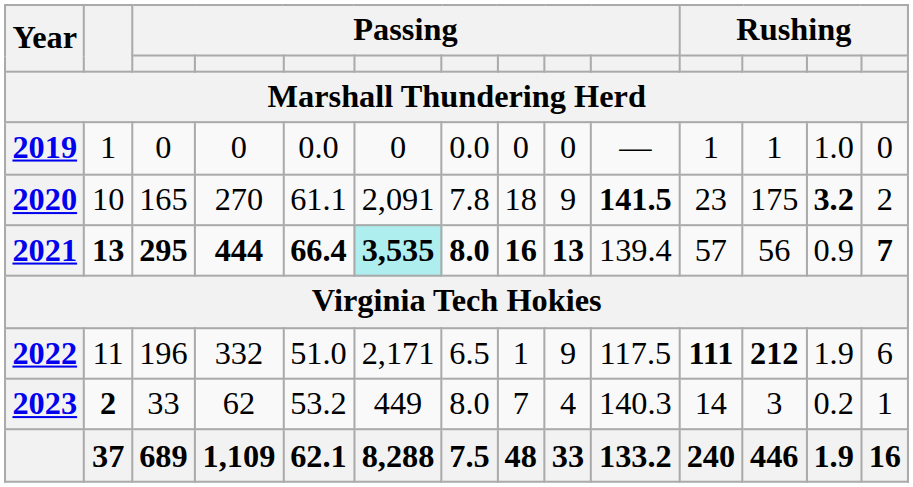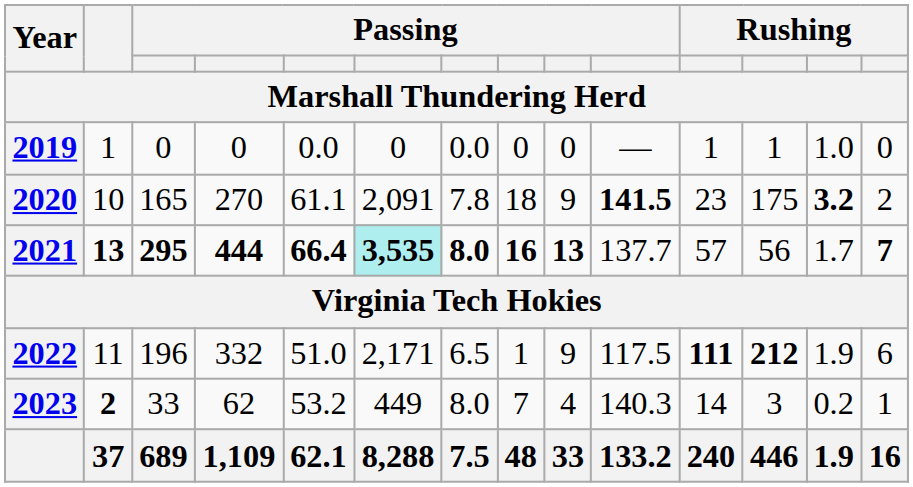 <table class="wikitable" style="text-align:center;">
 <tr>
 <th rowspan="2">Year</th>
 <th rowspan="2"></th>
 <th colspan="8">Passing</th>
 <th colspan="4">Rushing</th>
 </tr>
 <tr>
 <th></th>
 <th></th>
 <th></th>
 <th></th>
 <th></th>
 <th></th>
 <th></th>
 <th></th>
 <th></th>
 <th></th>
 <th></th>
 <th></th>
 </tr>
 <tr>
 <th colspan="16">Marshall Thundering Herd</th>
 </tr>
 <tr>
 <th><a href='#'>2019</a></th>
 <td>1</td>
 <td>0</td>
 <td>0</td>
 <td>0.0</td>
 <td>0</td>
 <td>0.0</td>
 <td>0</td>
 <td>0</td>
 <td>—</td>
 <td>1</td>
 <td>1</td>
 <td>1.0</td>
 <td>0</td>
 </tr>
 <tr>
 <th><a href='#'>2020</a></th>
 <td>10</td>
 <td>165</td>
 <td>270</td>
 <td>61.1</td>
 <td>2,091</td>
 <td>7.8</td>
 <td>18</td>
 <td>9</td>
 <td><strong>141.5</strong></td>
 <td>23</td>
 <td>175</td>
 <td><strong>3.2</strong></td>
 <td>2</td>
 </tr>
 <tr>
 <th><a href='#'>2021</a></th>
 <td><strong>13</strong></td>
 <td><strong>295</strong></td>
 <td><strong>444</strong></td>
 <td><strong>66.4</strong></td>
 <td style="background: paleturquoise;"><strong>3,535</strong></td>
 <td><strong>8.0</strong></td>
 <td><strong>16</strong></td>
 <td><strong>13</strong></td>
-<td>139.4</td>
+<td>137.7</td>
 <td>57</td>
 <td>56</td>
-<td>0.9</td>
+<td>1.7</td>
 <td><strong>7</strong></td>
 </tr>
 <tr>
 <th colspan="16">Virginia Tech Hokies</th>
 </tr>
 <tr>
 <th><a href='#'>2022</a></th>
 <td>11</td>
 <td>196</td>
 <td>332</td>
 <td>51.0</td>
 <td>2,171</td>
 <td>6.5</td>
 <td>1</td>
 <td>9</td>
 <td>117.5</td>
 <td><strong>111</strong></td>
 <td><strong>212</strong></td>
 <td>1.9</td>
 <td>6</td>
 </tr>
 <tr>
 <th><a href='#'>2023</a></th>
 <td><strong>2</strong></td>
 <td>33</td>
 <td>62</td>
 <td>53.2</td>
 <td>449</td>
 <td>8.0</td>
 <td>7</td>
 <td>4</td>
 <td>140.3</td>
 <td>14</td>
 <td>3</td>
 <td>0.2</td>
 <td>1</td>
 </tr>
 <tr class="sortbottom" style="background:#eee;">
 <th></th>
 <th>37</th>
 <th>689</th>
 <th>1,109</th>
 <th>62.1</th>
 <th>8,288</th>
 <th>7.5</th>
 <th>48</th>
 <th>33</th>
 <th>133.2</th>
 <th>240</th>
 <th>446</th>
 <th>1.9</th>
 <th>16</th>
 </tr>
 </table>
